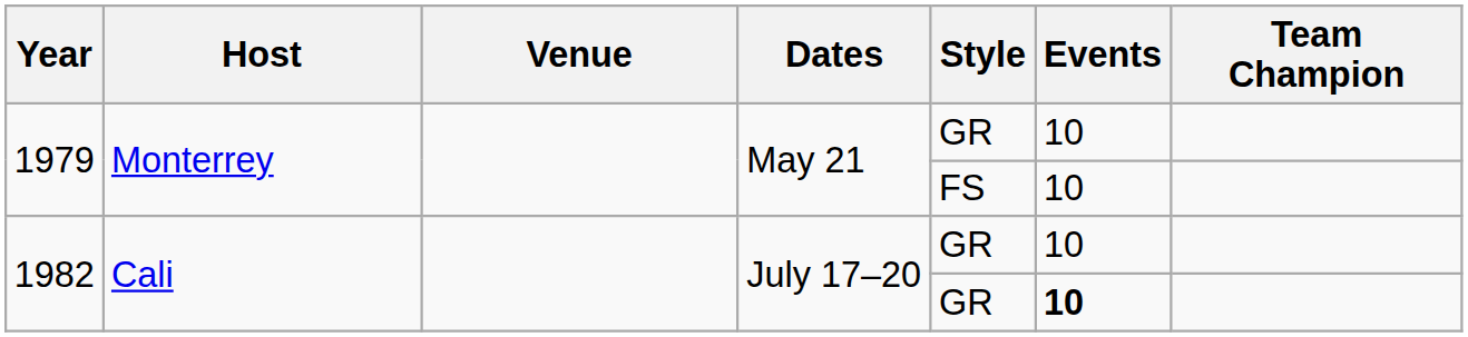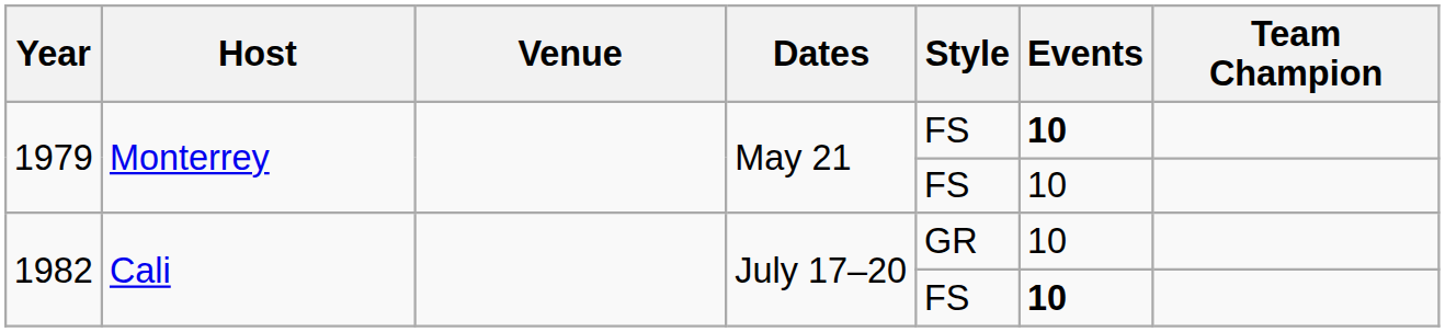 <table class="wikitable" style="text-align:left; font-size:90%">
 <tr>
 <th width=25px>Year</th>
 <th width=120px>Host</th>
 <th width=120px>Venue</th>
 <th width=70px>Dates</th>
 <th width=35px>Style</th>
 <th width=35px>Events</th>
 <th width=110px>Team Champion</th>
 </tr>
 <tr>
 <td rowspan=2>1979</td>
 <td rowspan=2> <a href='#'>Monterrey</a></td>
 <td rowspan=2></td>
 <td rowspan=2>May 21</td>
-<td>GR</td>
-<td>10</td>
+<td>FS</td>
+<td><strong>10</strong></td>
 <td></td>
 </tr>
 <tr>
 <td>FS</td>
 <td>10</td>
 <td></td>
 </tr>
 <tr>
 <td rowspan=2>1982</td>
 <td rowspan=2> <a href='#'>Cali</a></td>
 <td rowspan=2></td>
 <td rowspan=2>July 17–20</td>
 <td>GR</td>
 <td>10</td>
 <td></td>
 </tr>
 <tr>
-<td>GR</td>
+<td>FS</td>
 <td><strong>10</strong></td>
 <td></td>
 </tr>
 </table>
